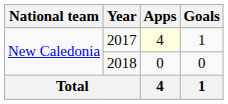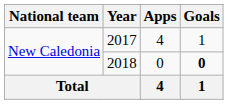 <table class="wikitable" style="text-align:center">
 <tr>
 <th>National team</th>
 <th>Year</th>
 <th>Apps</th>
 <th>Goals</th>
 </tr>
 <tr>
 <td rowspan="2"><a href='#'>New Caledonia</a></td>
 <td>2017</td>
-<td style="background: lightyellow;">4</td>
+<td>4</td>
 <td>1</td>
 </tr>
 <tr>
 <td>2018</td>
 <td>0</td>
-<td>0</td>
+<td><strong>0</strong></td>
 </tr>
 <tr>
 <th colspan=2>Total</th>
 <th>4</th>
 <th>1</th>
 </tr>
 </table>
